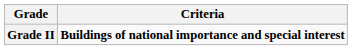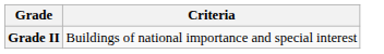 <table class="wikitable">
 <tr>
 <th scope="col">Grade</th>
 <th scope="col">Criteria</th>
 </tr>
 <tr>
 <th>Grade II</th>
-<td><strong>Buildings of national importance and special interest</strong></td>
+<td>Buildings of national importance and special interest</td>
 </tr>
 </table>
